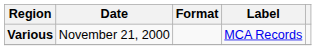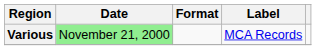 <table class="wikitable plainrowheaders">
 <tr>
 <th scope="col">Region</th>
 <th scope="col">Date</th>
 <th scope="col">Format</th>
 <th scope="col">Label</th>
 <th scope="col"></th>
 </tr>
 <tr>
 <th scope="row">Various</th>
-<td>November 21, 2000</td>
+<td style="background: lightgreen;">November 21, 2000</td>
 <td></td>
 <td><a href='#'>MCA Records</a></td>
 <td style="text-align:center;"></td>
 </tr>
 <tr>
 </tr>
 </table>
